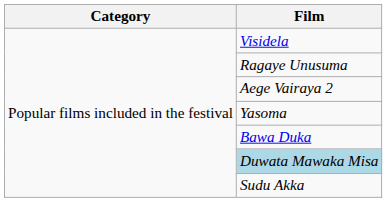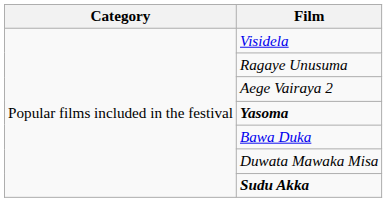 <table class="wikitable plainrowheaders sortable">
 <tr>
 <th scope="col">Category</th>
 <th scope="col">Film</th>
 </tr>
 <tr>
 <td rowspan=7>Popular films included in the festival</td>
 <td><em><a href='#'>Visidela</a></em></td>
 </tr>
 <tr>
 <td><em>Ragaye Unusuma</em></td>
 </tr>
 <tr>
 <td><em>Aege Vairaya 2</em></td>
 </tr>
 <tr>
-<td><em>Yasoma</em></td>
+<td><strong><em>Yasoma</em></strong></td>
 </tr>
 <tr>
 <td><em><a href='#'>Bawa Duka</a></em></td>
 </tr>
 <tr>
-<td style="background: lightblue;"><em>Duwata Mawaka Misa</em></td>
+<td><em>Duwata Mawaka Misa</em></td>
 </tr>
 <tr>
-<td><em>Sudu Akka</em></td>
+<td><strong><em>Sudu Akka</em></strong></td>
 </tr>
 </table>
